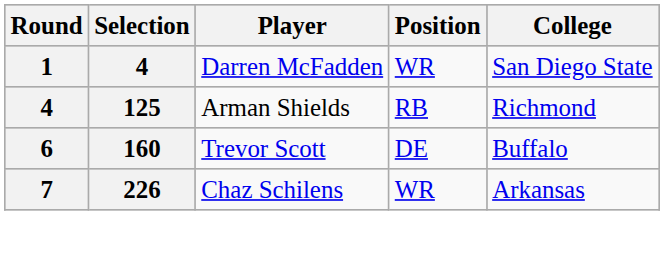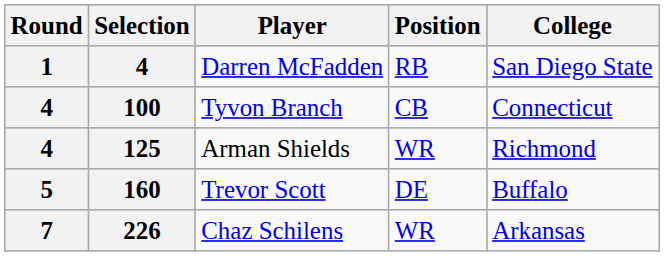 <table class="wikitable" style="font-size: 95%;">
 <tr>
 <th>Round</th>
 <th>Selection</th>
 <th>Player</th>
 <th>Position</th>
 <th>College</th>
 </tr>
 <tr>
 <th>1</th>
 <th>4</th>
 <td><a href='#'>Darren McFadden</a></td>
-<td><a href='#'>WR</a></td>
+<td><a href='#'>RB</a></td>
 <td><a href='#'>San Diego State</a></td>
+</tr>
+<tr>
+<th>4</th>
+<th>100</th>
+<td><a href='#'>Tyvon Branch</a></td>
+<td><a href='#'>CB</a></td>
+<td><a href='#'>Connecticut</a></td>
 </tr>
 <tr>
 <th>4</th>
 <th>125</th>
 <td>Arman Shields</td>
-<td><a href='#'>RB</a></td>
+<td><a href='#'>WR</a></td>
 <td><a href='#'>Richmond</a></td>
 </tr>
 <tr>
-<th>6</th>
+<th>5</th>
 <th>160</th>
 <td><a href='#'>Trevor Scott</a></td>
 <td><a href='#'>DE</a></td>
 <td><a href='#'>Buffalo</a></td>
 </tr>
 <tr>
 <th>7</th>
 <th>226</th>
 <td><a href='#'>Chaz Schilens</a></td>
 <td><a href='#'>WR</a></td>
 <td><a href='#'>Arkansas</a></td>
 </tr>
 </table>
